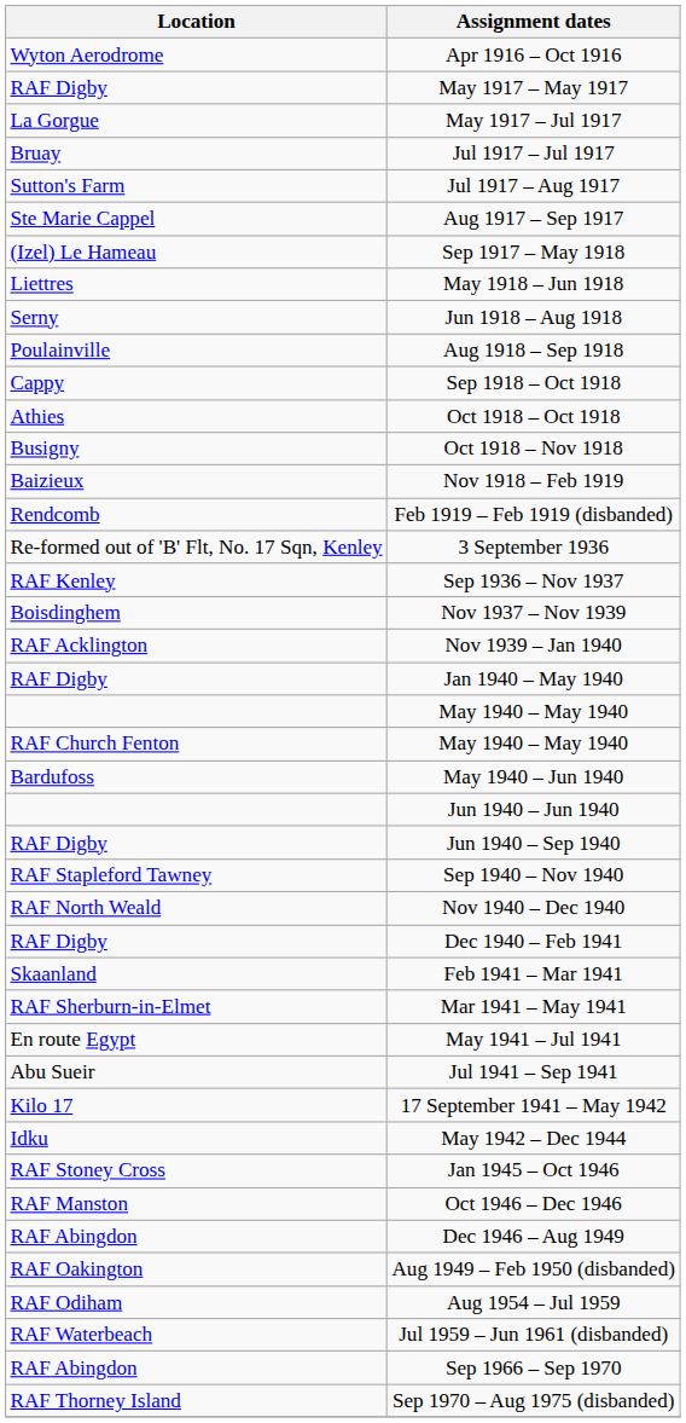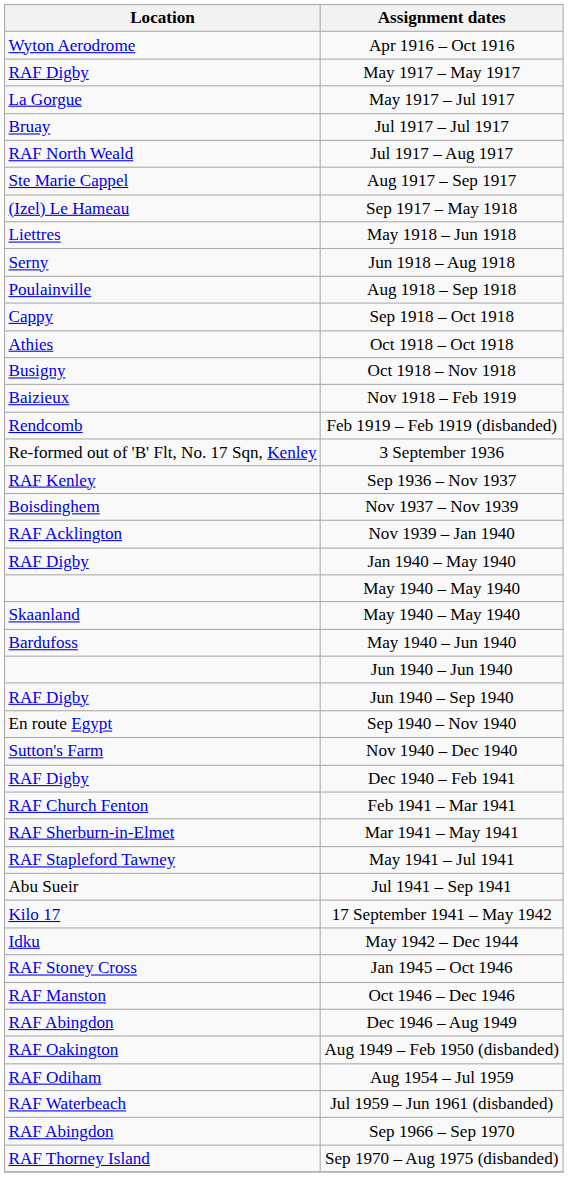 <table class="wikitable">
 <tr>
 <th>Location</th>
 <th>Assignment dates</th>
 </tr>
 <tr>
 <td><a href='#'>Wyton Aerodrome</a></td>
 <td align="center">Apr 1916 – Oct 1916</td>
 </tr>
 <tr>
 <td><a href='#'>RAF Digby</a></td>
 <td align="center">May 1917 – May 1917</td>
 </tr>
 <tr>
 <td><a href='#'>La Gorgue</a></td>
 <td align="center">May 1917 – Jul 1917</td>
 </tr>
 <tr>
 <td><a href='#'>Bruay</a></td>
 <td align="center">Jul 1917 – Jul 1917</td>
 </tr>
 <tr>
-<td><a href='#'>Sutton's Farm</a></td>
+<td><a href='#'>RAF North Weald</a></td>
 <td align="center">Jul 1917 – Aug 1917</td>
 </tr>
 <tr>
 <td><a href='#'>Ste Marie Cappel</a></td>
 <td align="center">Aug 1917 – Sep 1917</td>
 </tr>
 <tr>
 <td><a href='#'>(Izel) Le Hameau</a></td>
 <td align="center">Sep 1917 – May 1918</td>
 </tr>
 <tr>
 <td><a href='#'>Liettres</a></td>
 <td align="center">May 1918 – Jun 1918</td>
 </tr>
 <tr>
 <td><a href='#'>Serny</a></td>
 <td align="center">Jun 1918 – Aug 1918</td>
 </tr>
 <tr>
 <td><a href='#'>Poulainville</a></td>
 <td align="center">Aug 1918 – Sep 1918</td>
 </tr>
 <tr>
 <td><a href='#'>Cappy</a></td>
 <td align="center">Sep 1918 – Oct 1918</td>
 </tr>
 <tr>
 <td><a href='#'>Athies</a></td>
 <td align="center">Oct 1918 – Oct 1918</td>
 </tr>
 <tr>
 <td><a href='#'>Busigny</a></td>
 <td align="center">Oct 1918 – Nov 1918</td>
 </tr>
 <tr>
 <td><a href='#'>Baizieux</a></td>
 <td align="center">Nov 1918 – Feb 1919</td>
 </tr>
 <tr>
 <td><a href='#'>Rendcomb</a></td>
 <td align="center">Feb 1919 – Feb 1919 (disbanded)</td>
 </tr>
 <tr>
 <td>Re-formed out of 'B' Flt, No. 17 Sqn, <a href='#'>Kenley</a></td>
 <td align="center">3 September 1936</td>
 </tr>
 <tr>
 <td><a href='#'>RAF Kenley</a></td>
 <td align="center">Sep 1936 – Nov 1937</td>
 </tr>
 <tr>
 <td><a href='#'>Boisdinghem</a></td>
 <td align="center">Nov 1937 – Nov 1939</td>
 </tr>
 <tr>
 <td><a href='#'>RAF Acklington</a></td>
 <td align="center">Nov 1939 – Jan 1940</td>
 </tr>
 <tr>
 <td><a href='#'>RAF Digby</a></td>
 <td align="center">Jan 1940 – May 1940</td>
 </tr>
 <tr>
 <td></td>
 <td align="center">May 1940 – May 1940</td>
 </tr>
 <tr>
-<td><a href='#'>RAF Church Fenton</a></td>
+<td><a href='#'>Skaanland</a></td>
 <td align="center">May 1940 – May 1940</td>
 </tr>
 <tr>
 <td><a href='#'>Bardufoss</a></td>
 <td align="center">May 1940 – Jun 1940</td>
 </tr>
 <tr>
 <td></td>
 <td align="center">Jun 1940 – Jun 1940</td>
 </tr>
 <tr>
 <td><a href='#'>RAF Digby</a></td>
 <td align="center">Jun 1940 – Sep 1940</td>
 </tr>
 <tr>
-<td><a href='#'>RAF Stapleford Tawney</a></td>
+<td>En route <a href='#'>Egypt</a></td>
 <td align="center">Sep 1940 – Nov 1940</td>
 </tr>
 <tr>
-<td><a href='#'>RAF North Weald</a></td>
+<td><a href='#'>Sutton's Farm</a></td>
 <td align="center">Nov 1940 – Dec 1940</td>
 </tr>
 <tr>
 <td><a href='#'>RAF Digby</a></td>
 <td align="center">Dec 1940 – Feb 1941</td>
 </tr>
 <tr>
-<td><a href='#'>Skaanland</a></td>
+<td><a href='#'>RAF Church Fenton</a></td>
 <td align="center">Feb 1941 – Mar 1941</td>
 </tr>
 <tr>
 <td><a href='#'>RAF Sherburn-in-Elmet</a></td>
 <td align="center">Mar 1941 – May 1941</td>
 </tr>
 <tr>
-<td>En route <a href='#'>Egypt</a></td>
+<td><a href='#'>RAF Stapleford Tawney</a></td>
 <td align="center">May 1941 – Jul 1941</td>
 </tr>
 <tr>
 <td>Abu Sueir </td>
 <td align="center">Jul 1941 – Sep 1941</td>
 </tr>
 <tr>
 <td><a href='#'>Kilo 17</a></td>
 <td align="center">17 September 1941 – May 1942</td>
 </tr>
 <tr>
 <td><a href='#'>Idku</a></td>
 <td align="center">May 1942 – Dec 1944</td>
 </tr>
 <tr>
 <td><a href='#'>RAF Stoney Cross</a></td>
 <td align="center">Jan 1945 – Oct 1946</td>
 </tr>
 <tr>
 <td><a href='#'>RAF Manston</a></td>
 <td align="center">Oct 1946 – Dec 1946</td>
 </tr>
 <tr>
 <td><a href='#'>RAF Abingdon</a></td>
 <td align="center">Dec 1946 – Aug 1949</td>
 </tr>
 <tr>
 <td><a href='#'>RAF Oakington</a></td>
 <td align="center">Aug 1949 – Feb 1950 (disbanded)</td>
 </tr>
 <tr>
 <td><a href='#'>RAF Odiham</a></td>
 <td align="center">Aug 1954 – Jul 1959</td>
 </tr>
 <tr>
 <td><a href='#'>RAF Waterbeach</a> </td>
 <td align="center">Jul 1959 – Jun 1961 (disbanded)</td>
 </tr>
 <tr>
 <td><a href='#'>RAF Abingdon</a></td>
 <td align="center">Sep 1966 – Sep 1970</td>
 </tr>
 <tr>
 <td><a href='#'>RAF Thorney Island</a></td>
 <td align="center">Sep 1970 – Aug 1975 (disbanded)</td>
 </tr>
 <tr>
 </tr>
 </table>
